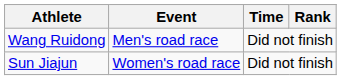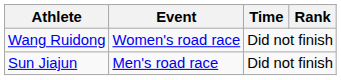 <table class=wikitable style=font-size:90%;>
 <tr>
 <th>Athlete</th>
 <th>Event</th>
 <th>Time</th>
 <th>Rank</th>
 </tr>
 <tr align=center>
 <td align=left><a href='#'>Wang Ruidong</a></td>
-<td align=left><a href='#'>Men's road race</a></td>
+<td align=left><a href='#'>Women's road race</a></td>
 <td colspan=2>Did not finish</td>
 </tr>
 <tr align=center>
 <td align=left><a href='#'>Sun Jiajun</a></td>
-<td align=left><a href='#'>Women's road race</a></td>
+<td align=left><a href='#'>Men's road race</a></td>
 <td colspan=2>Did not finish</td>
 </tr>
 </table>
